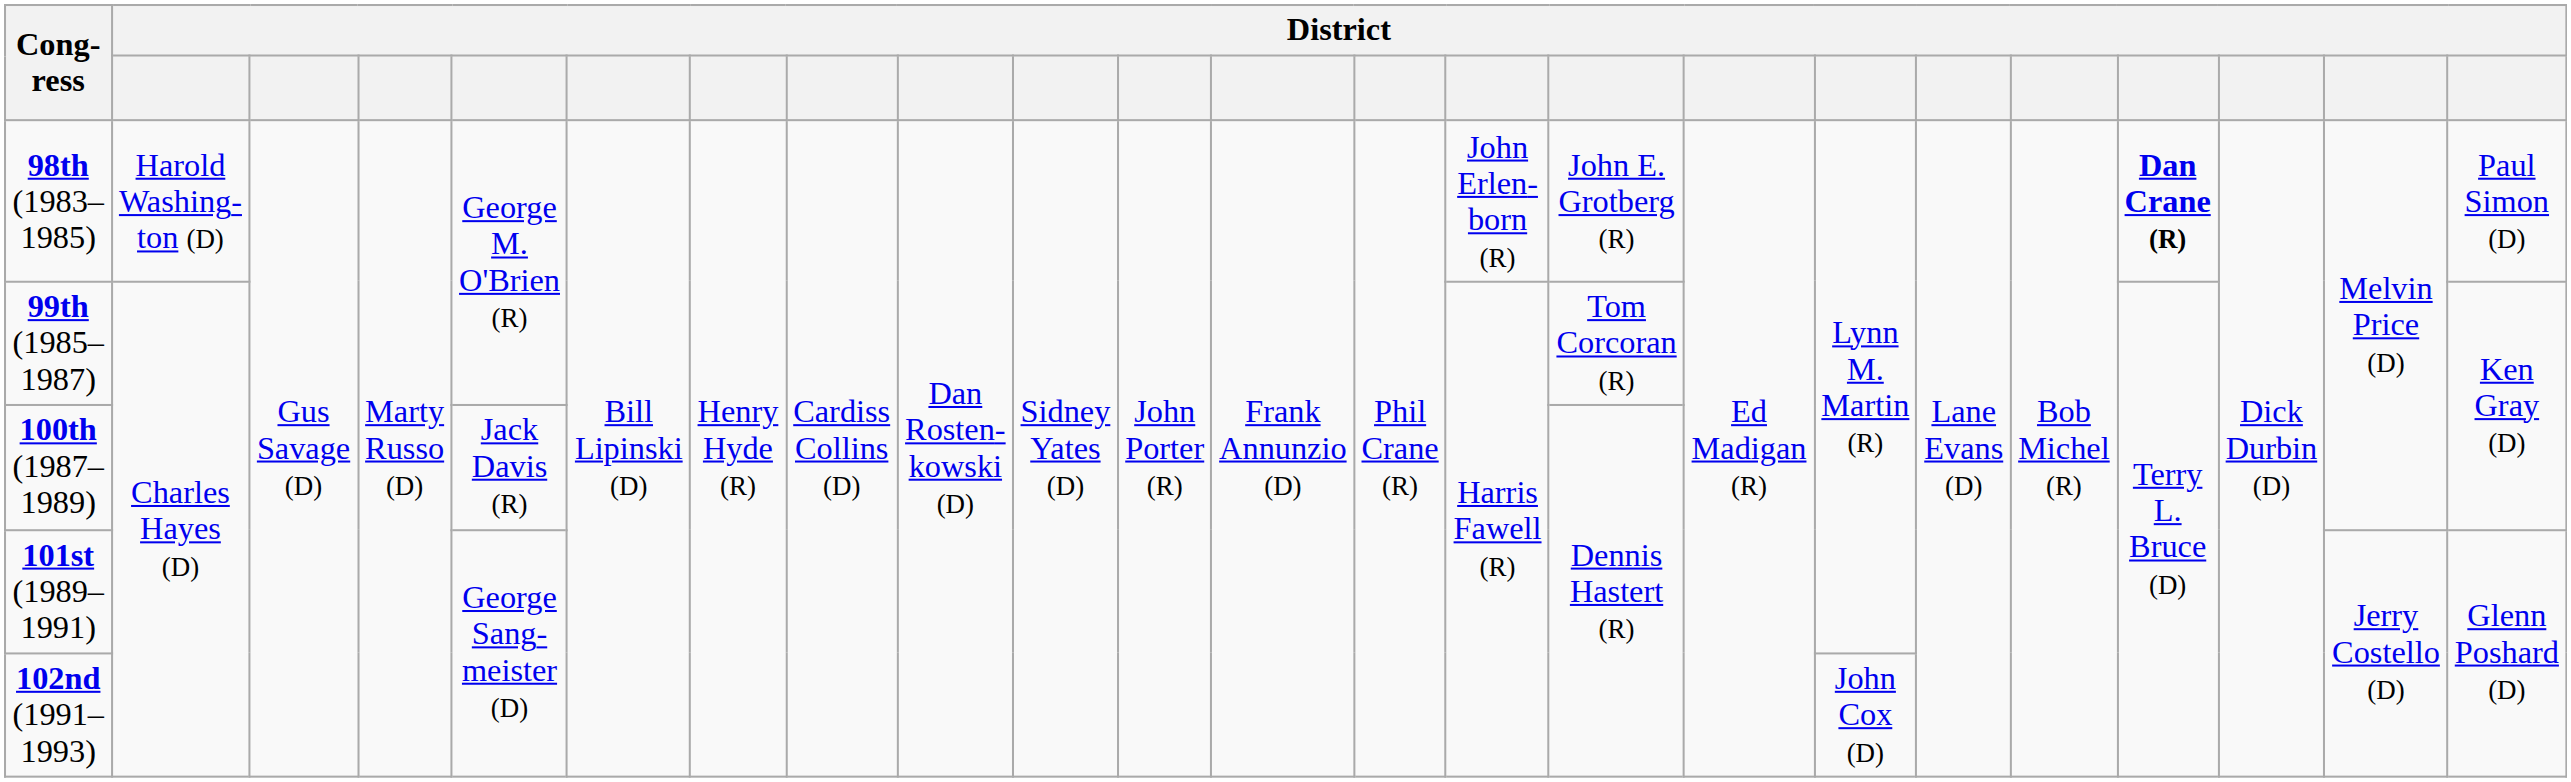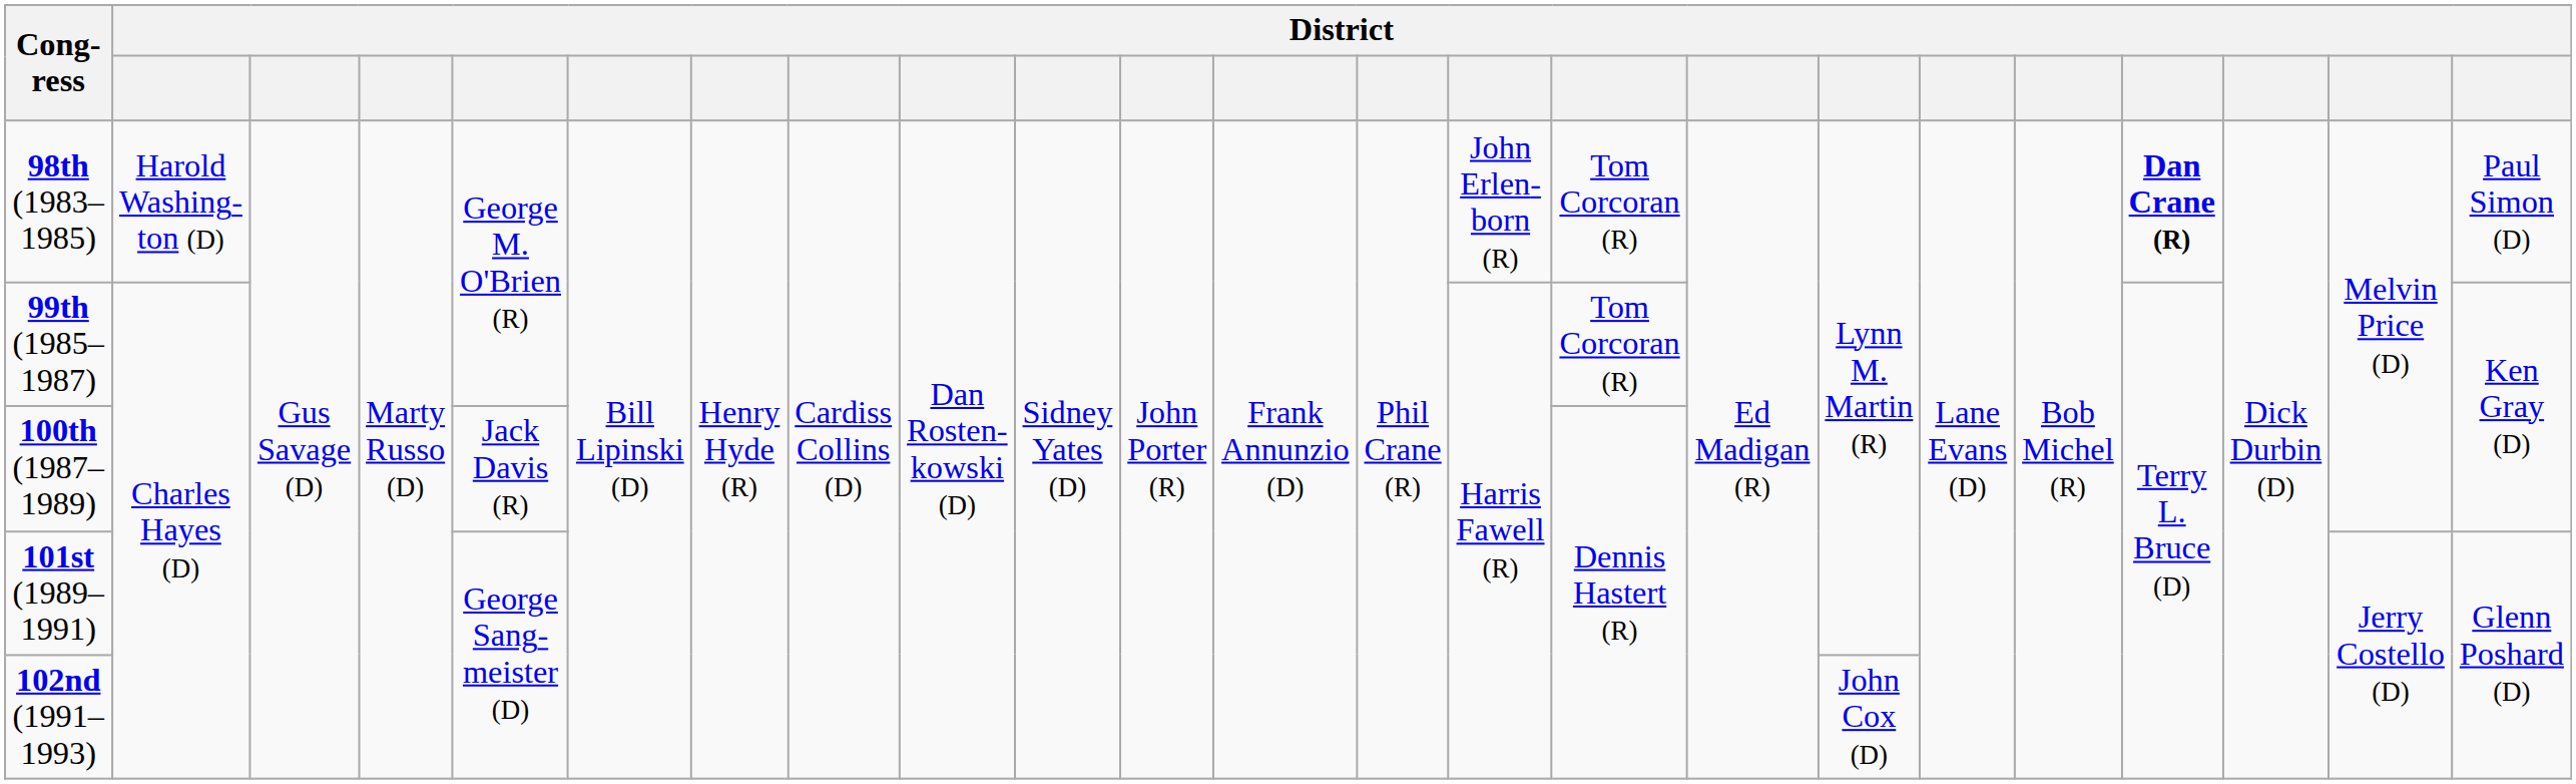 <table class=wikitable style="text-align:center">
 <tr>
 <th rowspan=2>Cong­ress</th>
 <th colspan=22>District</th>
 </tr>
 <tr style="height:2em" style="height:2em">
 <th></th>
 <th></th>
 <th></th>
 <th></th>
 <th></th>
 <th></th>
 <th></th>
 <th></th>
 <th></th>
 <th></th>
 <th></th>
 <th></th>
 <th></th>
 <th></th>
 <th></th>
 <th></th>
 <th></th>
 <th></th>
 <th></th>
 <th></th>
 <th></th>
 <th></th>
 </tr>
 <tr style="height:2em" style="height:2em">
 <td><strong><a href='#'>98th</a></strong><br>(1983–1985)</td>
 <td><a href='#'>Harold<br>Washing­ton</a> <small>(D)</small></td>
 <td rowspan=5 ><a href='#'>Gus<br>Savage</a><br><small>(D)</small></td>
 <td rowspan=5 ><a href='#'>Marty<br>Russo</a><br><small>(D)</small></td>
 <td rowspan=2 ><a href='#'>George M.<br>O'Brien</a> <small>(R)</small></td>
 <td rowspan=5 ><a href='#'>Bill<br>Lipinski</a><br><small>(D)</small></td>
 <td rowspan=5 ><a href='#'>Henry<br>Hyde</a><br><small>(R)</small></td>
 <td rowspan=5 ><a href='#'>Cardiss<br>Collins</a><br><small>(D)</small></td>
 <td rowspan=5 ><a href='#'>Dan<br>Rosten­kowski</a><br><small>(D)</small></td>
 <td rowspan=5 ><a href='#'>Sidney<br>Yates</a> <small>(D)</small></td>
 <td rowspan=5 ><a href='#'>John<br>Porter</a><br><small>(R)</small></td>
 <td rowspan=5 ><a href='#'>Frank<br>Annunzio</a><br><small>(D)</small></td>
 <td rowspan=5 ><a href='#'>Phil<br>Crane</a><br><small>(R)</small></td>
 <td><a href='#'>John<br>Erlen­born</a> <small>(R)</small></td>
-<td><a href='#'>John E.<br>Grotberg</a> <small>(R)</small></td>
+<td><a href='#'>Tom<br>Corcoran</a> <small>(R)</small></td>
 <td rowspan=5 ><a href='#'>Ed<br>Madigan</a><br><small>(R)</small></td>
 <td rowspan=4 ><a href='#'>Lynn M.<br>Martin</a><br><small>(R)</small></td>
 <td rowspan=5 ><a href='#'>Lane<br>Evans</a><br><small>(D)</small></td>
 <td rowspan=5 ><a href='#'>Bob<br>Michel</a><br><small>(R)</small></td>
 <td><strong><a href='#'>Dan<br>Crane</a> <small>(R)</small></strong></td>
 <td rowspan=5 ><a href='#'>Dick<br>Durbin</a><br><small>(D)</small></td>
 <td rowspan=3 ><a href='#'>Melvin<br>Price</a><br><small>(D)</small></td>
 <td><a href='#'>Paul<br>Simon</a> <small>(D)</small></td>
 </tr>
 <tr style="height:2em" style="height:2em">
 <td><strong><a href='#'>99th</a></strong><br>(1985–1987)</td>
 <td rowspan=4 ><a href='#'>Charles<br>Hayes</a><br><small>(D)</small></td>
 <td rowspan=4 ><a href='#'>Harris<br>Fawell</a><br><small>(R)</small></td>
 <td><a href='#'>Tom<br>Corcoran</a> <small>(R)</small></td>
 <td rowspan=4 ><a href='#'>Terry L.<br>Bruce</a><br><small>(D)</small></td>
 <td rowspan=2 ><a href='#'>Ken<br>Gray</a><br><small>(D)</small></td>
 </tr>
 <tr style="height:2em" style="height:2em">
 <td><strong><a href='#'>100th</a></strong><br>(1987–1989)</td>
 <td><a href='#'>Jack<br>Davis</a> <small>(R)</small></td>
 <td rowspan=3 ><a href='#'>Dennis<br>Hastert</a><br><small>(R)</small></td>
 </tr>
 <tr style="height:2em" style="height:2em">
 <td><strong><a href='#'>101st</a></strong><br>(1989–1991)</td>
 <td rowspan=2 ><a href='#'>George<br>Sang­meister</a><br><small>(D)</small></td>
 <td rowspan=2 ><a href='#'>Jerry<br>Costello</a><br><small>(D)</small></td>
 <td rowspan=2 ><a href='#'>Glenn<br>Poshard</a><br><small>(D)</small></td>
 </tr>
 <tr style="height:2em" style="height:2em">
 <td><strong><a href='#'>102nd</a></strong><br>(1991–1993)</td>
 <td><a href='#'>John<br>Cox</a> <small>(D)</small></td>
 </tr>
 </table>
